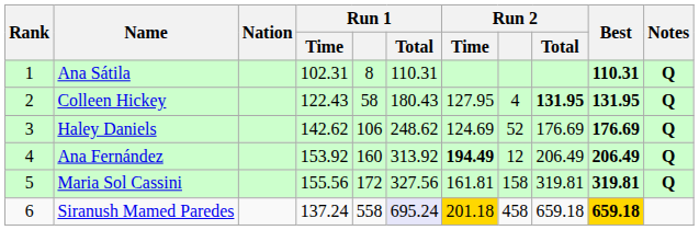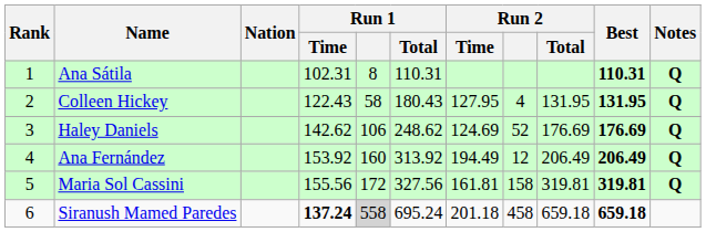 <table class="wikitable" style="text-align:center">
 <tr>
 <th rowspan=2>Rank</th>
 <th rowspan=2>Name</th>
 <th rowspan=2>Nation</th>
 <th colspan=3>Run 1</th>
 <th colspan=3>Run 2</th>
 <th rowspan=2>Best</th>
 <th rowspan=2>Notes</th>
 </tr>
 <tr>
 <th>Time</th>
 <th></th>
 <th>Total</th>
 <th>Time</th>
 <th></th>
 <th>Total</th>
 </tr>
 <tr bgcolor=#ccffcc>
 <td>1</td>
 <td align=left><a href='#'>Ana Sátila</a></td>
 <td align=left></td>
 <td>102.31</td>
 <td>8</td>
 <td>110.31</td>
 <td></td>
 <td></td>
 <td></td>
 <td><strong>110.31</strong></td>
 <td><strong>Q</strong></td>
 </tr>
 <tr bgcolor=#ccffcc>
 <td>2</td>
 <td align=left><a href='#'>Colleen Hickey</a></td>
 <td align=left></td>
 <td>122.43</td>
 <td>58</td>
 <td>180.43</td>
 <td>127.95</td>
 <td>4</td>
-<td><strong>131.95</strong></td>
+<td>131.95</td>
 <td><strong>131.95</strong></td>
 <td><strong>Q</strong></td>
 </tr>
 <tr bgcolor=#ccffcc>
 <td>3</td>
 <td align=left><a href='#'>Haley Daniels</a></td>
 <td align=left></td>
 <td>142.62</td>
 <td>106</td>
 <td>248.62</td>
 <td>124.69</td>
 <td>52</td>
 <td>176.69</td>
 <td><strong>176.69</strong></td>
 <td><strong>Q</strong></td>
 </tr>
 <tr bgcolor=#ccffcc>
 <td>4</td>
 <td align=left><a href='#'>Ana Fernández</a></td>
 <td align=left></td>
 <td>153.92</td>
 <td>160</td>
 <td>313.92</td>
-<td><strong>194.49</strong></td>
+<td>194.49</td>
 <td>12</td>
 <td>206.49</td>
 <td><strong>206.49</strong></td>
 <td><strong>Q</strong></td>
 </tr>
 <tr bgcolor=#ccffcc>
 <td>5</td>
 <td align=left><a href='#'>Maria Sol Cassini</a></td>
 <td align=left></td>
 <td>155.56</td>
 <td>172</td>
 <td>327.56</td>
 <td>161.81</td>
 <td>158</td>
 <td>319.81</td>
 <td><strong>319.81</strong></td>
 <td><strong>Q</strong></td>
 </tr>
 <tr>
 <td>6</td>
 <td align=left><a href='#'>Siranush Mamed Paredes</a></td>
 <td align=left></td>
-<td>137.24</td>
-<td>558</td>
-<td style="background: lavender;">695.24</td>
-<td style="background: gold;">201.18</td>
+<td><strong>137.24</strong></td>
+<td style="background: lightgrey;">558</td>
+<td>695.24</td>
+<td>201.18</td>
 <td>458</td>
 <td>659.18</td>
-<td style="background: gold;"><strong>659.18</strong></td>
+<td><strong>659.18</strong></td>
 <td></td>
 </tr>
 </table>
